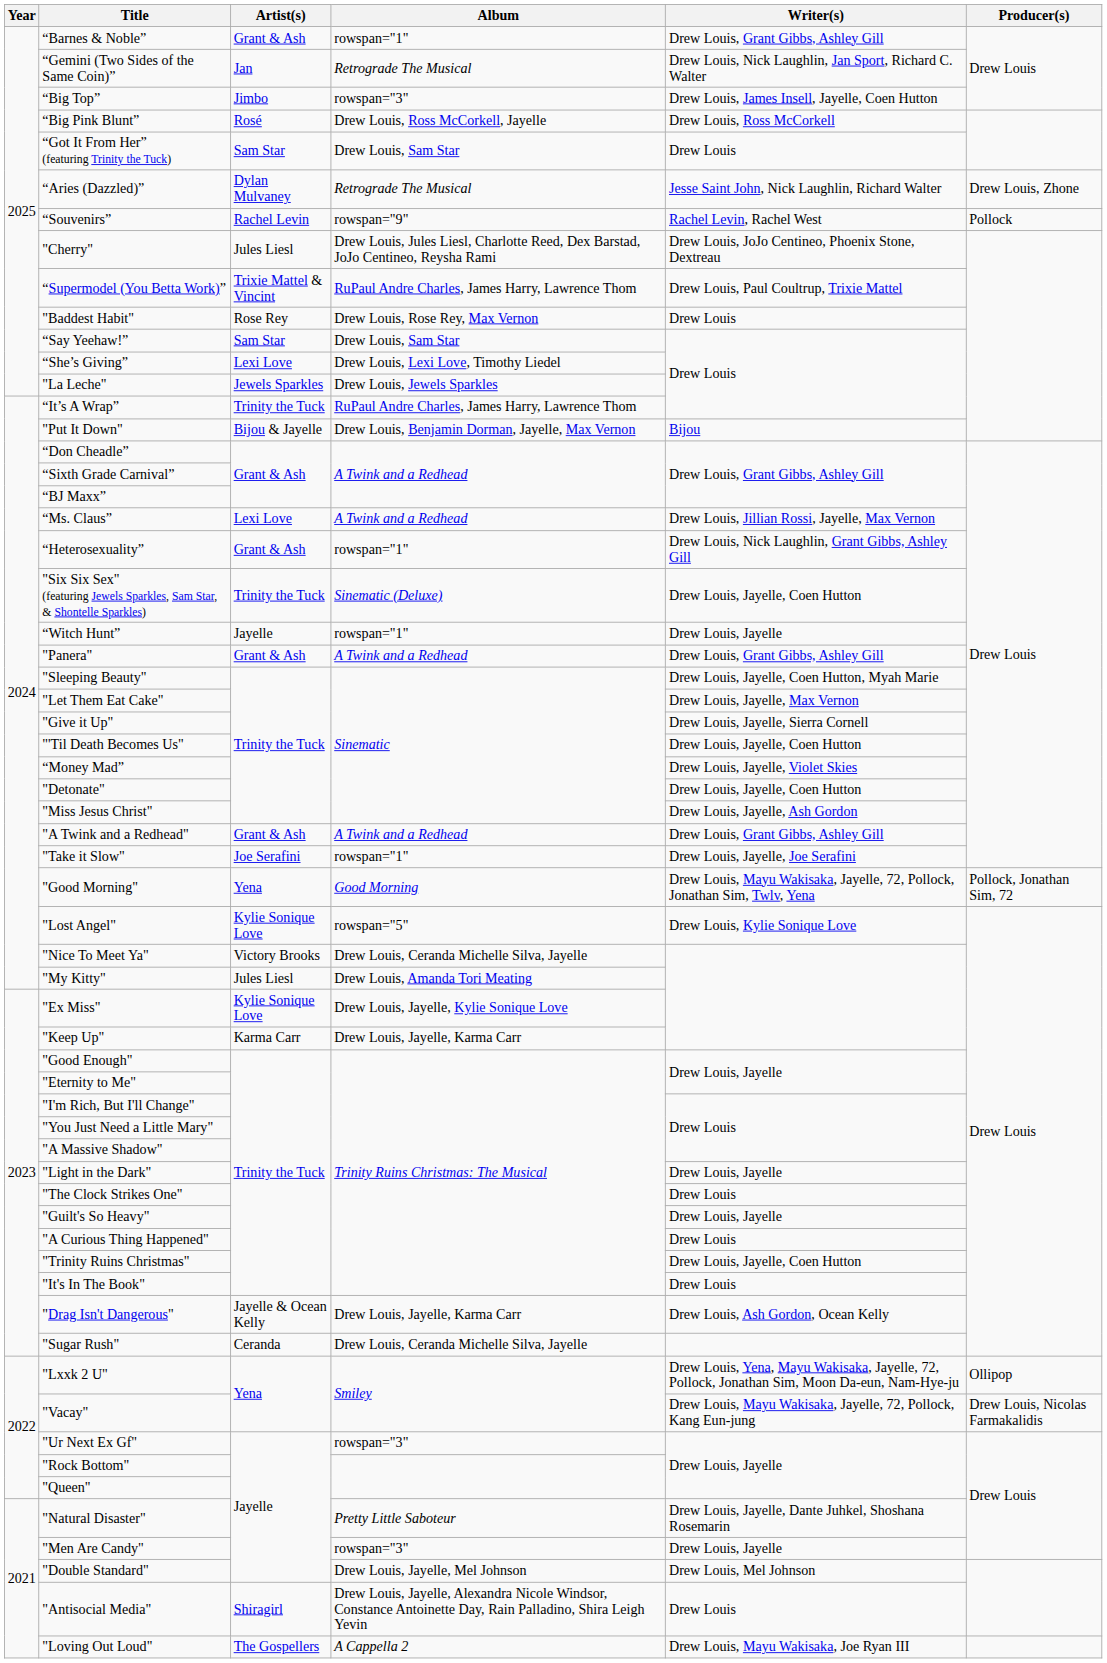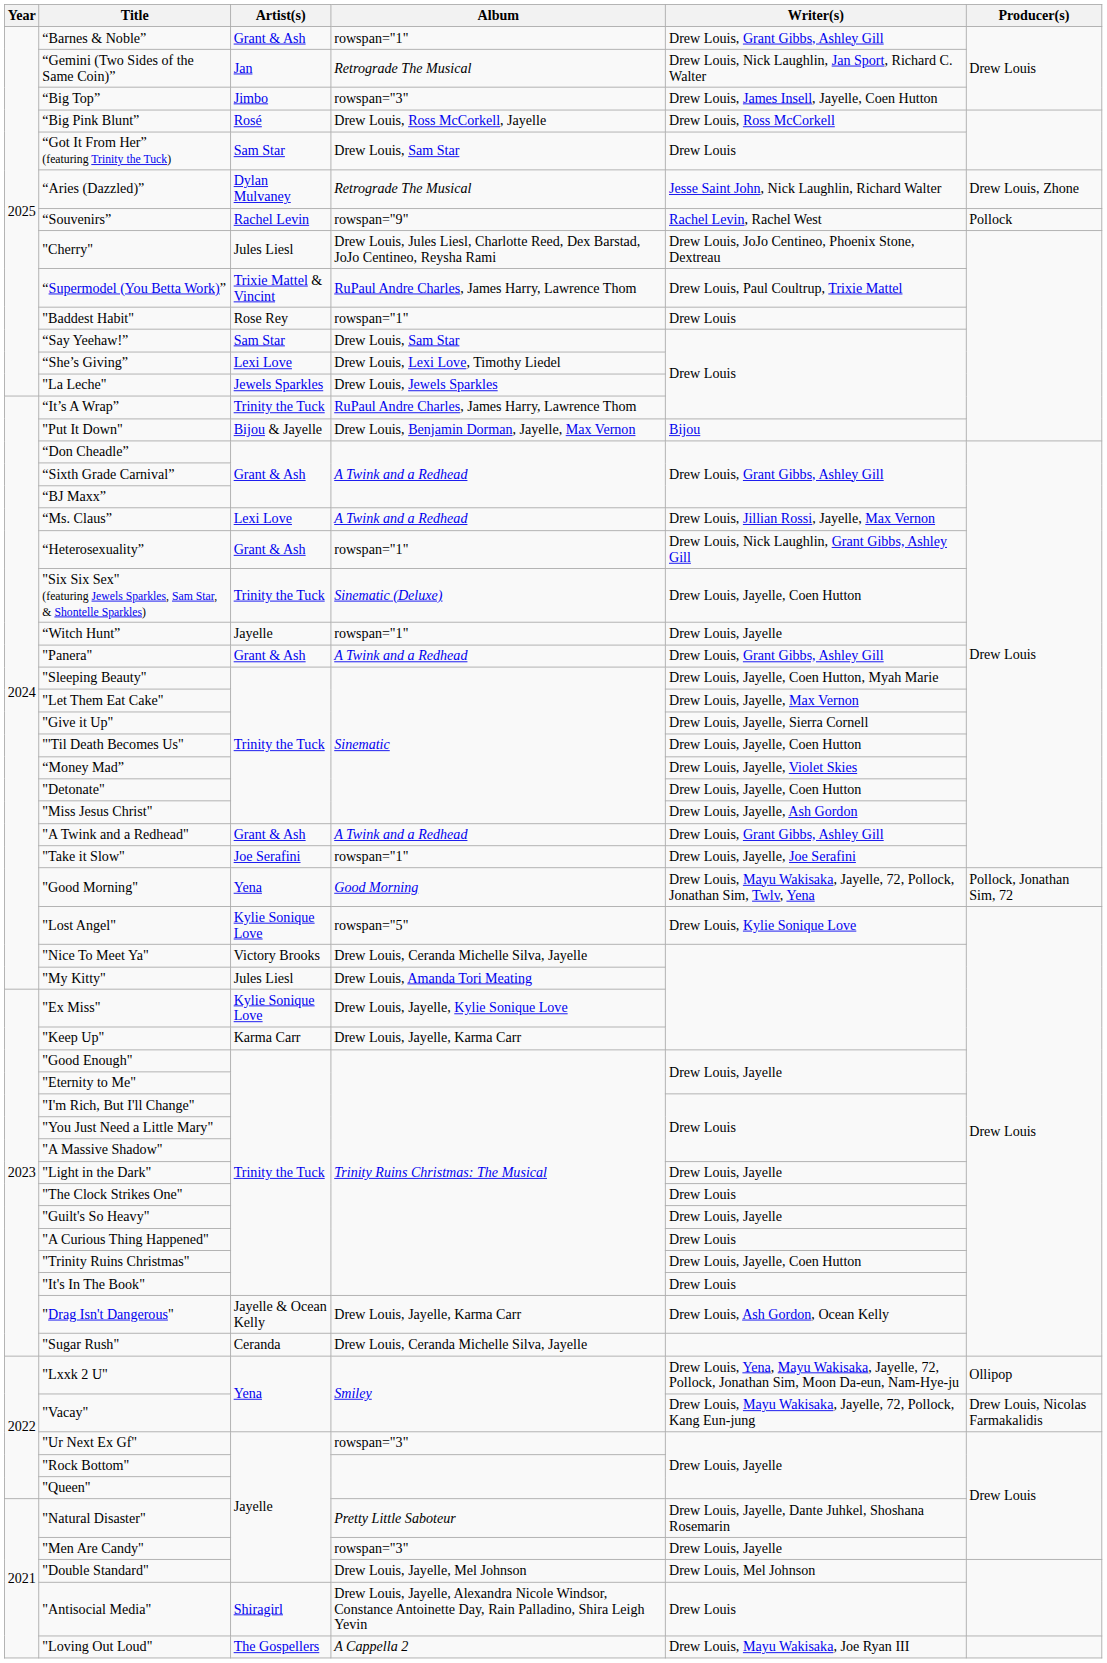 <table class="wikitable plainrowheaders" style="text-align:left;">
 <tr>
 <th>Year</th>
 <th>Title</th>
 <th>Artist(s)</th>
 <th>Album</th>
 <th>Writer(s)</th>
 <th>Producer(s)</th>
 </tr>
 <tr>
 <td rowspan="13">2025</td>
 <td>“Barnes & Noble”</td>
 <td><a href='#'>Grant & Ash</a></td>
 <td>rowspan="1" </td>
 <td>Drew Louis, <a href='#'>Grant Gibbs, Ashley Gill</a></td>
 <td rowspan="3">Drew Louis</td>
 </tr>
 <tr>
 <td>“Gemini (Two Sides of the Same Coin)”</td>
 <td><a href='#'>Jan</a></td>
 <td><em>Retrograde The Musical</em></td>
 <td>Drew Louis, Nick Laughlin, <a href='#'>Jan Sport</a>, Richard C. Walter</td>
 </tr>
 <tr>
 <td>“Big Top”</td>
 <td><a href='#'>Jimbo</a></td>
 <td>rowspan="3" </td>
 <td>Drew Louis, <a href='#'>James Insell</a>, Jayelle, Coen Hutton</td>
 </tr>
 <tr>
 <td>“Big Pink Blunt”</td>
 <td><a href='#'>Rosé</a></td>
 <td>Drew Louis, <a href='#'>Ross McCorkell</a>, Jayelle</td>
 <td>Drew Louis, <a href='#'>Ross McCorkell</a></td>
 </tr>
 <tr>
 <td>“Got It From Her” <br><small>(featuring <a href='#'>Trinity the Tuck</a>)</small></td>
 <td><a href='#'>Sam Star</a></td>
 <td>Drew Louis, <a href='#'>Sam Star</a></td>
 <td>Drew Louis</td>
 </tr>
 <tr>
 <td>“Aries (Dazzled)”</td>
 <td><a href='#'>Dylan Mulvaney</a></td>
 <td><em>Retrograde The Musical</em></td>
 <td><a href='#'>Jesse Saint John</a>, Nick Laughlin, Richard Walter</td>
 <td>Drew Louis, Zhone</td>
 </tr>
 <tr>
 <td>“Souvenirs”</td>
 <td><a href='#'>Rachel Levin</a></td>
 <td>rowspan="9" </td>
 <td><a href='#'>Rachel Levin</a>, Rachel West</td>
 <td>Pollock</td>
 </tr>
 <tr>
 <td>"Cherry"</td>
 <td>Jules Liesl</td>
 <td>Drew Louis, Jules Liesl, Charlotte Reed, Dex Barstad, JoJo Centineo, Reysha Rami</td>
 <td>Drew Louis, JoJo Centineo, Phoenix Stone, Dextreau</td>
 </tr>
 <tr>
 <td>“<a href='#'>Supermodel (You Betta Work)</a>”</td>
 <td><a href='#'>Trixie Mattel</a> & <a href='#'>Vincint</a></td>
 <td><a href='#'>RuPaul Andre Charles</a>, James Harry, Lawrence Thom</td>
 <td>Drew Louis, Paul Coultrup, <a href='#'>Trixie Mattel</a></td>
 </tr>
 <tr>
 <td>"Baddest Habit"</td>
 <td>Rose Rey</td>
-<td>Drew Louis, Rose Rey, <a href='#'>Max Vernon</a></td>
+<td>rowspan="1" </td>
 <td>Drew Louis</td>
 </tr>
 <tr>
 <td>“Say Yeehaw!”</td>
 <td><a href='#'>Sam Star</a></td>
 <td>Drew Louis, <a href='#'>Sam Star</a></td>
 <td rowspan="4">Drew Louis</td>
 </tr>
 <tr>
 <td>“She’s Giving”</td>
 <td><a href='#'>Lexi Love</a></td>
 <td>Drew Louis, <a href='#'>Lexi Love</a>, Timothy Liedel</td>
 </tr>
 <tr>
 <td>"La Leche"</td>
 <td><a href='#'>Jewels Sparkles</a></td>
 <td>Drew Louis, <a href='#'>Jewels Sparkles</a></td>
 </tr>
 <tr>
 <td rowspan="23">2024</td>
 <td>“It’s A Wrap”</td>
 <td><a href='#'>Trinity the Tuck</a></td>
 <td><a href='#'>RuPaul Andre Charles</a>, James Harry, Lawrence Thom</td>
 </tr>
 <tr>
 <td>"Put It Down"</td>
 <td><a href='#'>Bijou</a> & Jayelle</td>
 <td>Drew Louis, <a href='#'>Benjamin Dorman</a>, Jayelle, <a href='#'>Max Vernon</a></td>
 <td><a href='#'>Bijou</a></td>
 </tr>
 <tr>
 <td>“Don Cheadle”</td>
 <td rowspan="3"><a href='#'>Grant & Ash</a></td>
 <td rowspan="3"><em><a href='#'>A Twink and a Redhead</a></em></td>
 <td rowspan="3">Drew Louis, <a href='#'>Grant Gibbs, Ashley Gill</a></td>
 <td rowspan="17">Drew Louis</td>
 </tr>
 <tr>
 <td>“Sixth Grade Carnival”</td>
 </tr>
 <tr>
 <td>“BJ Maxx”</td>
 </tr>
 <tr>
 <td>“Ms. Claus”</td>
 <td><a href='#'>Lexi Love</a></td>
 <td><em><a href='#'>A Twink and a Redhead</a></em></td>
 <td>Drew Louis, <a href='#'>Jillian Rossi</a>, Jayelle, <a href='#'>Max Vernon</a></td>
 </tr>
 <tr>
 <td>“Heterosexuality”</td>
 <td><a href='#'>Grant & Ash</a></td>
 <td>rowspan="1" </td>
 <td>Drew Louis, Nick Laughlin, <a href='#'>Grant Gibbs, Ashley Gill</a></td>
 </tr>
 <tr>
 <td>"Six Six Sex"<br><small>(featuring <a href='#'>Jewels Sparkles</a>, <a href='#'>Sam Star</a>, & <a href='#'>Shontelle Sparkles</a>)</small></td>
 <td><a href='#'>Trinity the Tuck</a></td>
 <td><a href='#'><em>Sinematic (Deluxe)</em></a></td>
 <td>Drew Louis, Jayelle, Coen Hutton</td>
 </tr>
 <tr>
 <td>“Witch Hunt”</td>
 <td>Jayelle</td>
 <td>rowspan="1" </td>
 <td>Drew Louis, Jayelle</td>
 </tr>
 <tr>
 <td>"Panera"</td>
 <td><a href='#'>Grant & Ash</a></td>
 <td><em><a href='#'>A Twink and a Redhead</a></em></td>
 <td>Drew Louis, <a href='#'>Grant Gibbs, Ashley Gill</a></td>
 </tr>
 <tr>
 <td>"Sleeping Beauty"</td>
 <td rowspan="7"><a href='#'>Trinity the Tuck</a></td>
 <td rowspan="7"><em><a href='#'>Sinematic</a></em></td>
 <td>Drew Louis, Jayelle, Coen Hutton, Myah Marie</td>
 </tr>
 <tr>
 <td>"Let Them Eat Cake"</td>
 <td>Drew Louis, Jayelle, <a href='#'>Max Vernon</a></td>
 </tr>
 <tr>
 <td>"Give it Up"</td>
 <td>Drew Louis, Jayelle, Sierra Cornell</td>
 </tr>
 <tr>
 <td>"'Til Death Becomes Us" <br></td>
 <td>Drew Louis, Jayelle, Coen Hutton</td>
 </tr>
 <tr>
 <td>“Money Mad”</td>
 <td>Drew Louis, Jayelle, <a href='#'>Violet Skies</a></td>
 </tr>
 <tr>
 <td>"Detonate"</td>
 <td>Drew Louis, Jayelle, Coen Hutton</td>
 </tr>
 <tr>
 <td>"Miss Jesus Christ"</td>
 <td>Drew Louis, Jayelle, <a href='#'>Ash Gordon</a></td>
 </tr>
 <tr>
 <td>"A Twink and a Redhead"</td>
 <td><a href='#'>Grant & Ash</a></td>
 <td><em><a href='#'>A Twink and a Redhead</a></em></td>
 <td>Drew Louis, <a href='#'>Grant Gibbs, Ashley Gill</a></td>
 </tr>
 <tr>
 <td>"Take it Slow"</td>
 <td><a href='#'>Joe Serafini</a></td>
 <td>rowspan="1" </td>
 <td>Drew Louis, Jayelle, <a href='#'>Joe Serafini</a></td>
 </tr>
 <tr>
 <td>"Good Morning"</td>
 <td><a href='#'>Yena</a></td>
 <td><em><a href='#'>Good Morning</a></em></td>
 <td>Drew Louis, <a href='#'>Mayu Wakisaka</a>, Jayelle, 72, Pollock, Jonathan Sim, <a href='#'>Twlv</a>, <a href='#'>Yena</a></td>
 <td>Pollock, Jonathan Sim, 72</td>
 </tr>
 <tr>
 <td>"Lost Angel"</td>
 <td><a href='#'>Kylie Sonique Love</a></td>
 <td>rowspan="5" </td>
 <td>Drew Louis, <a href='#'>Kylie Sonique Love</a></td>
 <td rowspan="18">Drew Louis</td>
 </tr>
 <tr>
 <td>"Nice To Meet Ya"</td>
 <td>Victory Brooks</td>
 <td>Drew Louis, Ceranda Michelle Silva, Jayelle</td>
 </tr>
 <tr>
 <td>"My Kitty"</td>
 <td>Jules Liesl</td>
 <td>Drew Louis, <a href='#'>Amanda Tori Meating</a></td>
 </tr>
 <tr>
 <td rowspan="15">2023</td>
 <td>"Ex Miss"</td>
 <td><a href='#'>Kylie Sonique Love</a></td>
 <td>Drew Louis, Jayelle, <a href='#'>Kylie Sonique Love</a></td>
 </tr>
 <tr>
 <td>"Keep Up"</td>
 <td>Karma Carr</td>
 <td>Drew Louis, Jayelle, Karma Carr</td>
 </tr>
 <tr>
 <td>"Good Enough"<br></td>
 <td rowspan="11"><a href='#'>Trinity the Tuck</a></td>
 <td rowspan="11"><em><a href='#'>Trinity Ruins Christmas: The Musical</a></em></td>
 <td rowspan="2">Drew Louis, Jayelle</td>
 </tr>
 <tr>
 <td>"Eternity to Me" <br></td>
 </tr>
 <tr>
 <td>"I'm Rich, But I'll Change"</td>
 <td rowspan="3">Drew Louis</td>
 </tr>
 <tr>
 <td>"You Just Need a Little Mary"</td>
 </tr>
 <tr>
 <td>"A Massive Shadow"</td>
 </tr>
 <tr>
 <td>"Light in the Dark" <br></td>
 <td>Drew Louis, Jayelle</td>
 </tr>
 <tr>
 <td>"The Clock Strikes One"</td>
 <td>Drew Louis</td>
 </tr>
 <tr>
 <td>"Guilt's So Heavy" <br></td>
 <td>Drew Louis, Jayelle</td>
 </tr>
 <tr>
 <td>"A Curious Thing Happened"</td>
 <td>Drew Louis</td>
 </tr>
 <tr>
 <td>"Trinity Ruins Christmas" <br></td>
 <td>Drew Louis, Jayelle, Coen Hutton</td>
 </tr>
 <tr>
 <td>"It's In The Book"<br></td>
 <td>Drew Louis</td>
 </tr>
 <tr>
 <td>"<a href='#'>Drag Isn't Dangerous</a>"</td>
 <td>Jayelle & Ocean Kelly</td>
 <td>Drew Louis, Jayelle, Karma Carr</td>
 <td>Drew Louis, <a href='#'>Ash Gordon</a>, Ocean Kelly</td>
 </tr>
 <tr>
 <td>"Sugar Rush"</td>
 <td>Ceranda</td>
 <td>Drew Louis, Ceranda Michelle Silva, Jayelle</td>
 </tr>
 <tr>
 <td rowspan="5">2022</td>
 <td>"Lxxk 2 U"</td>
 <td rowspan="2"><a href='#'>Yena</a></td>
 <td rowspan="2"><em><a href='#'>Smiley</a></em></td>
 <td>Drew Louis, <a href='#'>Yena</a>, <a href='#'>Mayu Wakisaka</a>, Jayelle, 72, Pollock, Jonathan Sim, Moon Da-eun, Nam-Hye-ju</td>
 <td>Ollipop</td>
 </tr>
 <tr>
 <td>"Vacay"</td>
 <td>Drew Louis, <a href='#'>Mayu Wakisaka</a>, Jayelle, 72, Pollock, Kang Eun-jung</td>
 <td>Drew Louis, Nicolas Farmakalidis</td>
 </tr>
 <tr>
 <td>"Ur Next Ex Gf"</td>
 <td rowspan="6">Jayelle</td>
 <td>rowspan="3"</td>
 <td rowspan="3">Drew Louis, Jayelle</td>
 <td rowspan="5">Drew Louis</td>
 </tr>
 <tr>
 <td>"Rock Bottom"</td>
 </tr>
 <tr>
 <td>"Queen"</td>
 </tr>
 <tr>
 <td rowspan="5">2021</td>
 <td>"Natural Disaster"<br></td>
 <td><em>Pretty Little Saboteur</em></td>
 <td>Drew Louis, Jayelle, Dante Juhkel, Shoshana Rosemarin</td>
 </tr>
 <tr>
 <td>"Men Are Candy"</td>
 <td>rowspan="3"</td>
 <td>Drew Louis, Jayelle</td>
 </tr>
 <tr>
 <td>"Double Standard"</td>
 <td>Drew Louis, Jayelle, Mel Johnson</td>
 <td>Drew Louis, Mel Johnson</td>
 </tr>
 <tr>
 <td>"Antisocial Media"</td>
 <td><a href='#'>Shiragirl</a></td>
 <td>Drew Louis, Jayelle, Alexandra Nicole Windsor, Constance Antoinette Day, Rain Palladino, Shira Leigh Yevin</td>
 <td>Drew Louis</td>
 </tr>
 <tr>
 <td>"Loving Out Loud"</td>
 <td><a href='#'>The Gospellers</a></td>
 <td><em>A Cappella 2</em></td>
 <td>Drew Louis, <a href='#'>Mayu Wakisaka</a>, Joe Ryan III</td>
 <td></td>
 </tr>
 </table>
